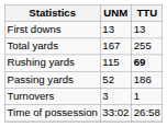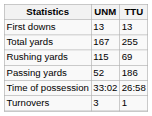 <table class="wikitable">
 <tr>
 <th>Statistics</th>
 <th>UNM</th>
 <th>TTU</th>
 </tr>
 <tr>
 <td>First downs</td>
 <td>13</td>
 <td>13</td>
 </tr>
 <tr>
 <td>Total yards</td>
 <td>167</td>
 <td>255</td>
 </tr>
 <tr>
 <td>Rushing yards</td>
 <td>115</td>
-<td><strong>69</strong></td>
+<td>69</td>
 </tr>
 <tr>
 <td>Passing yards</td>
 <td>52</td>
 <td>186</td>
 </tr>
 <tr>
+<td>Time of possession</td>
+<td>33:02</td>
+<td>26:58</td>
+</tr>
+<tr>
 <td>Turnovers</td>
 <td>3</td>
 <td>1</td>
 </tr>
 <tr>
-<td>Time of possession</td>
-<td>33:02</td>
-<td>26:58</td>
-</tr>
-<tr>
 </tr>
 </table>
